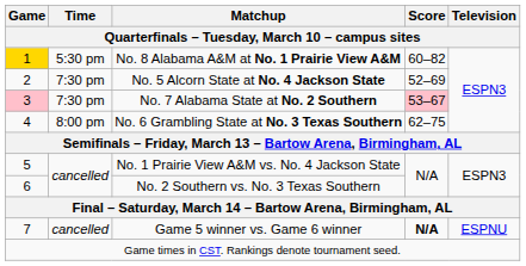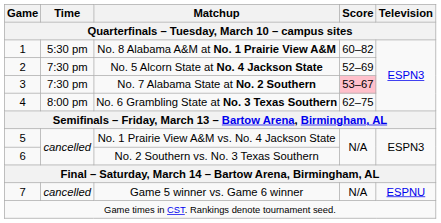 <table class="wikitable" style="font-size: 95%;text-align:center">
 <tr>
 <th>Game</th>
 <th>Time</th>
 <th>Matchup</th>
 <th>Score</th>
 <th>Television</th>
 </tr>
 <tr>
 <th colspan=5>Quarterfinals – Tuesday, March 10 – campus sites</th>
 </tr>
 <tr>
-<td style="background: gold;">1</td>
+<td>1</td>
 <td>5:30 pm</td>
 <td>No. 8 Alabama A&M  at <strong>No. 1 Prairie View A&M</strong></td>
 <td>60–82</td>
 <td rowspan=4><a href='#'>ESPN3</a></td>
 </tr>
 <tr>
 <td>2</td>
 <td>7:30 pm</td>
 <td>No. 5 Alcorn State at <strong>No. 4 Jackson State</strong></td>
 <td>52–69</td>
 </tr>
 <tr>
-<td style="background: pink;">3</td>
+<td>3</td>
 <td>7:30 pm</td>
 <td>No. 7 Alabama State at <strong>No. 2 Southern</strong></td>
 <td style="background: pink;">53–67</td>
 </tr>
 <tr>
 <td>4</td>
 <td>8:00 pm</td>
 <td>No. 6 Grambling State at <strong>No. 3 Texas Southern</strong></td>
 <td>62–75</td>
 </tr>
 <tr>
 <th colspan=5>Semifinals – Friday, March 13 – <a href='#'>Bartow Arena</a>, <a href='#'>Birmingham, AL</a></th>
 </tr>
 <tr>
 <td>5</td>
 <td rowspan=2><em>cancelled</em></td>
 <td>No. 1 Prairie View A&M vs. No. 4 Jackson State</td>
 <td rowspan=2>N/A</td>
 <td rowspan=2>ESPN3</td>
 </tr>
 <tr>
 <td>6</td>
 <td>No. 2 Southern vs. No. 3 Texas Southern</td>
 </tr>
 <tr>
 <th colspan=5>Final – Saturday, March 14 – Bartow Arena, Birmingham, AL</th>
 </tr>
 <tr>
 <td>7</td>
 <td><em>cancelled</em></td>
 <td>Game 5 winner vs. Game 6 winner</td>
-<td><strong>N/A</strong></td>
+<td>N/A</td>
 <td><a href='#'>ESPNU</a></td>
 </tr>
 <tr>
 <td colspan=5><small>Game times in <a href='#'>CST</a>. Rankings denote tournament seed.</small></td>
 </tr>
 </table>
